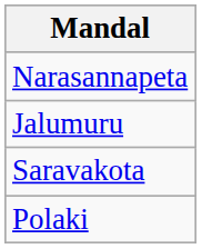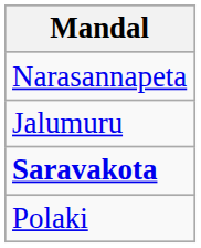 <table class="wikitable sortable static-row-numbers static-row-header-hash">
 <tr>
 <th>Mandal</th>
 </tr>
 <tr>
 <td><a href='#'>Narasannapeta</a></td>
 </tr>
 <tr>
 <td><a href='#'>Jalumuru</a></td>
 </tr>
 <tr>
-<td><a href='#'>Saravakota</a></td>
+<td><strong><a href='#'>Saravakota</a></strong></td>
 </tr>
 <tr>
 <td><a href='#'>Polaki</a></td>
 </tr>
 </table>
